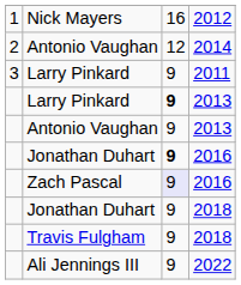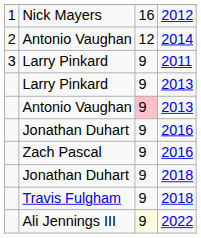 <table class="wikitable">
 <tr>
 </tr>
 <tr>
 <td>1</td>
 <td>Nick Mayers</td>
 <td>16</td>
 <td><a href='#'>2012</a></td>
 </tr>
 <tr>
 <td>2</td>
 <td>Antonio Vaughan</td>
 <td>12</td>
 <td><a href='#'>2014</a></td>
 </tr>
 <tr>
 <td>3</td>
 <td>Larry Pinkard</td>
 <td>9</td>
 <td><a href='#'>2011</a></td>
 </tr>
 <tr>
 <td></td>
 <td>Larry Pinkard</td>
-<td><strong>9</strong></td>
+<td>9</td>
 <td><a href='#'>2013</a></td>
 </tr>
 <tr>
 <td></td>
 <td>Antonio Vaughan</td>
-<td>9</td>
+<td style="background: pink;">9</td>
 <td><a href='#'>2013</a></td>
 </tr>
 <tr>
 <td></td>
 <td>Jonathan Duhart</td>
-<td><strong>9</strong></td>
+<td>9</td>
 <td><a href='#'>2016</a></td>
 </tr>
 <tr>
 <td></td>
 <td>Zach Pascal</td>
-<td style="background: lavender;">9</td>
+<td>9</td>
 <td><a href='#'>2016</a></td>
 </tr>
 <tr>
 <td></td>
 <td>Jonathan Duhart</td>
 <td>9</td>
 <td><a href='#'>2018</a></td>
 </tr>
 <tr>
 <td></td>
 <td><a href='#'>Travis Fulgham</a></td>
 <td>9</td>
 <td><a href='#'>2018</a></td>
 </tr>
 <tr>
 <td></td>
 <td>Ali Jennings III</td>
-<td>9</td>
+<td style="background: lightyellow;">9</td>
 <td><a href='#'>2022</a></td>
 </tr>
 </table>
